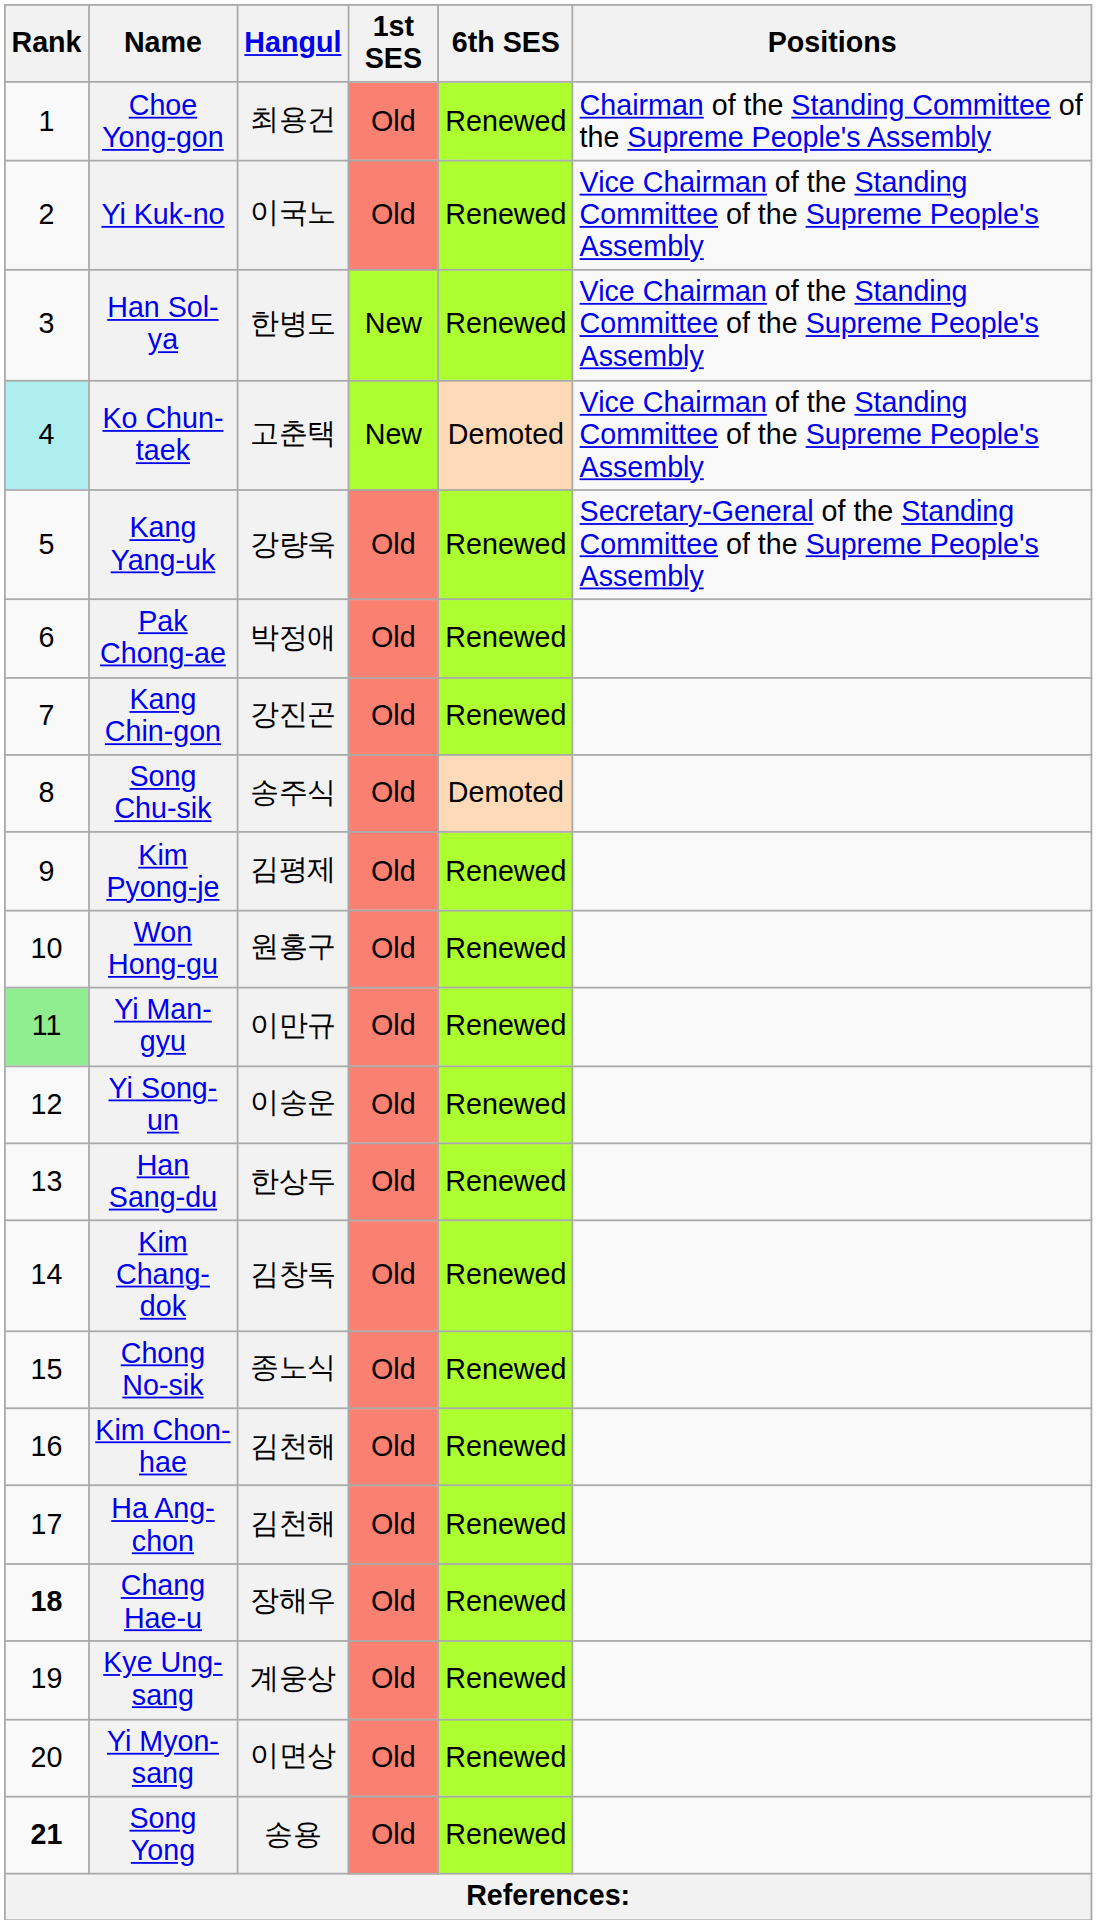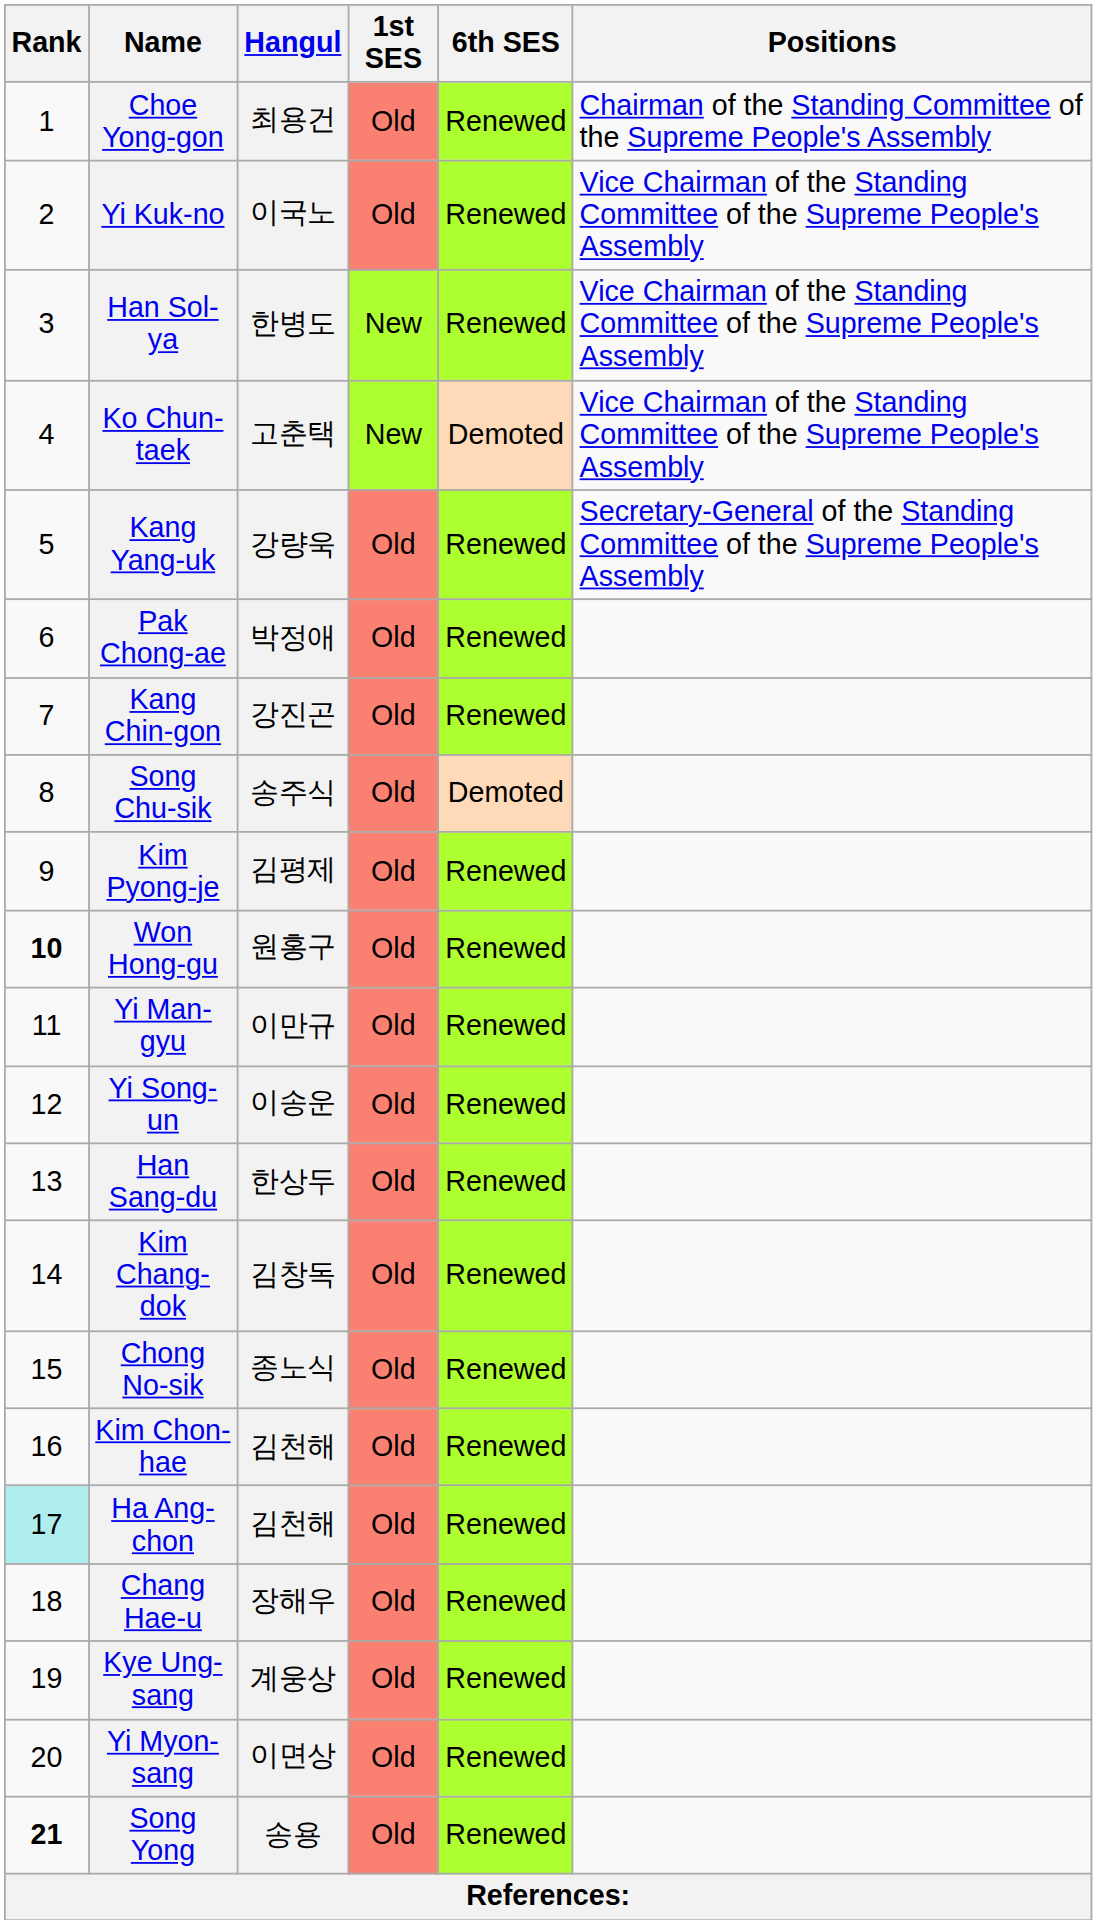 <table class="wikitable sortable">
 <tr>
 <th>Rank</th>
 <th>Name</th>
 <th class="unsortable"><a href='#'>Hangul</a></th>
 <th>1st SES</th>
 <th>6th SES</th>
 <th>Positions</th>
 </tr>
 <tr>
 <td align="center">1</td>
 <th align="center" scope="row" style="font-weight:normal;"><a href='#'>Choe Yong-gon</a></th>
 <th align="center" scope="row" style="font-weight:normal;">최용건</th>
 <td style="background: Salmon" align="center">Old</td>
 <td align="center" style="background: GreenYellow">Renewed</td>
 <td><a href='#'>Chairman</a> of the <a href='#'>Standing Committee</a> of the <a href='#'>Supreme People's Assembly</a></td>
 </tr>
 <tr>
 <td align="center">2</td>
 <th align="center" scope="row" style="font-weight:normal;"><a href='#'>Yi Kuk-no</a></th>
 <th align="center" scope="row" style="font-weight:normal;">이국노</th>
 <td style="background: Salmon" align="center">Old</td>
 <td align="center" style="background: GreenYellow">Renewed</td>
 <td><a href='#'>Vice Chairman</a> of the <a href='#'>Standing Committee</a> of the <a href='#'>Supreme People's Assembly</a></td>
 </tr>
 <tr>
 <td align="center">3</td>
 <th align="center" scope="row" style="font-weight:normal;"><a href='#'>Han Sol-ya</a></th>
 <th align="center" scope="row" style="font-weight:normal;">한병도</th>
 <td align="center" style="background: GreenYellow">New</td>
 <td align="center" style="background: GreenYellow">Renewed</td>
 <td><a href='#'>Vice Chairman</a> of the <a href='#'>Standing Committee</a> of the <a href='#'>Supreme People's Assembly</a></td>
 </tr>
 <tr>
-<td align="center" style="background: paleturquoise;">4</td>
+<td align="center">4</td>
 <th align="center" scope="row" style="font-weight:normal;"><a href='#'>Ko Chun-taek</a></th>
 <th align="center" scope="row" style="font-weight:normal;">고춘택</th>
 <td align="center" style="background: GreenYellow">New</td>
 <td style="background: PeachPuff" align="center">Demoted</td>
 <td><a href='#'>Vice Chairman</a> of the <a href='#'>Standing Committee</a> of the <a href='#'>Supreme People's Assembly</a></td>
 </tr>
 <tr>
 <td align="center">5</td>
 <th align="center" scope="row" style="font-weight:normal;"><a href='#'>Kang Yang-uk</a></th>
 <th align="center" scope="row" style="font-weight:normal;">강량욱</th>
 <td style="background: Salmon" align="center">Old</td>
 <td align="center" style="background: GreenYellow">Renewed</td>
 <td><a href='#'>Secretary-General</a> of the <a href='#'>Standing Committee</a> of the <a href='#'>Supreme People's Assembly</a></td>
 </tr>
 <tr>
 <td align="center">6</td>
 <th align="center" scope="row" style="font-weight:normal;"><a href='#'>Pak Chong-ae</a></th>
 <th align="center" scope="row" style="font-weight:normal;">박정애</th>
 <td style="background: Salmon" align="center">Old</td>
 <td align="center" style="background: GreenYellow">Renewed</td>
 <td></td>
 </tr>
 <tr>
 <td align="center">7</td>
 <th align="center" scope="row" style="font-weight:normal;"><a href='#'>Kang Chin-gon</a></th>
 <th align="center" scope="row" style="font-weight:normal;">강진곤</th>
 <td style="background: Salmon" align="center">Old</td>
 <td align="center" style="background: GreenYellow">Renewed</td>
 <td></td>
 </tr>
 <tr>
 <td align="center">8</td>
 <th align="center" scope="row" style="font-weight:normal;"><a href='#'>Song Chu-sik</a></th>
 <th align="center" scope="row" style="font-weight:normal;">송주식</th>
 <td style="background: Salmon" align="center">Old</td>
 <td style="background: PeachPuff" align="center">Demoted</td>
 <td></td>
 </tr>
 <tr>
 <td align="center">9</td>
 <th align="center" scope="row" style="font-weight:normal;"><a href='#'>Kim Pyong-je</a></th>
 <th align="center" scope="row" style="font-weight:normal;">김평제</th>
 <td style="background: Salmon" align="center">Old</td>
 <td align="center" style="background: GreenYellow">Renewed</td>
 <td></td>
 </tr>
 <tr>
-<td align="center">10</td>
+<td align="center"><strong>10</strong></td>
 <th align="center" scope="row" style="font-weight:normal;"><a href='#'>Won Hong-gu</a></th>
 <th align="center" scope="row" style="font-weight:normal;">원홍구</th>
 <td style="background: Salmon" align="center">Old</td>
 <td align="center" style="background: GreenYellow">Renewed</td>
 <td></td>
 </tr>
 <tr>
-<td align="center" style="background: lightgreen;">11</td>
+<td align="center">11</td>
 <th align="center" scope="row" style="font-weight:normal;"><a href='#'>Yi Man-gyu</a></th>
 <th align="center" scope="row" style="font-weight:normal;">이만규</th>
 <td style="background: Salmon" align="center">Old</td>
 <td align="center" style="background: GreenYellow">Renewed</td>
 <td></td>
 </tr>
 <tr>
 <td align="center">12</td>
 <th align="center" scope="row" style="font-weight:normal;"><a href='#'>Yi Song-un</a></th>
 <th align="center" scope="row" style="font-weight:normal;">이송운</th>
 <td style="background: Salmon" align="center">Old</td>
 <td align="center" style="background: GreenYellow">Renewed</td>
 <td></td>
 </tr>
 <tr>
 <td align="center">13</td>
 <th align="center" scope="row" style="font-weight:normal;"><a href='#'>Han Sang-du</a></th>
 <th align="center" scope="row" style="font-weight:normal;">한상두</th>
 <td style="background: Salmon" align="center">Old</td>
 <td align="center" style="background: GreenYellow">Renewed</td>
 <td></td>
 </tr>
 <tr>
 <td align="center">14</td>
 <th align="center" scope="row" style="font-weight:normal;"><a href='#'>Kim Chang-dok</a></th>
 <th align="center" scope="row" style="font-weight:normal;">김창독</th>
 <td style="background: Salmon" align="center">Old</td>
 <td align="center" style="background: GreenYellow">Renewed</td>
 <td></td>
 </tr>
 <tr>
 <td align="center">15</td>
 <th align="center" scope="row" style="font-weight:normal;"><a href='#'>Chong No-sik</a></th>
 <th align="center" scope="row" style="font-weight:normal;">종노식</th>
 <td style="background: Salmon" align="center">Old</td>
 <td align="center" style="background: GreenYellow">Renewed</td>
 <td></td>
 </tr>
 <tr>
 <td align="center">16</td>
 <th align="center" scope="row" style="font-weight:normal;"><a href='#'>Kim Chon-hae</a></th>
 <th align="center" scope="row" style="font-weight:normal;">김천해</th>
 <td style="background: Salmon" align="center">Old</td>
 <td align="center" style="background: GreenYellow">Renewed</td>
 <td></td>
 </tr>
 <tr>
-<td align="center">17</td>
+<td align="center" style="background: paleturquoise;">17</td>
 <th align="center" scope="row" style="font-weight:normal;"><a href='#'>Ha Ang-chon</a></th>
 <th align="center" scope="row" style="font-weight:normal;">김천해</th>
 <td style="background: Salmon" align="center">Old</td>
 <td align="center" style="background: GreenYellow">Renewed</td>
 <td></td>
 </tr>
 <tr>
-<td align="center"><strong>18</strong></td>
+<td align="center">18</td>
 <th align="center" scope="row" style="font-weight:normal;"><a href='#'>Chang Hae-u</a></th>
 <th align="center" scope="row" style="font-weight:normal;">장해우</th>
 <td style="background: Salmon" align="center">Old</td>
 <td align="center" style="background: GreenYellow">Renewed</td>
 <td></td>
 </tr>
 <tr>
 <td align="center">19</td>
 <th align="center" scope="row" style="font-weight:normal;"><a href='#'>Kye Ung-sang</a></th>
 <th align="center" scope="row" style="font-weight:normal;">계웅상</th>
 <td style="background: Salmon" align="center">Old</td>
 <td align="center" style="background: GreenYellow">Renewed</td>
 <td></td>
 </tr>
 <tr>
 <td align="center">20</td>
 <th align="center" scope="row" style="font-weight:normal;"><a href='#'>Yi Myon-sang</a></th>
 <th align="center" scope="row" style="font-weight:normal;">이면상</th>
 <td style="background: Salmon" align="center">Old</td>
 <td align="center" style="background: GreenYellow">Renewed</td>
 <td></td>
 </tr>
 <tr>
 <td align="center"><strong>21</strong></td>
 <th align="center" scope="row" style="font-weight:normal;"><a href='#'>Song Yong</a></th>
 <th align="center" scope="row" style="font-weight:normal;">송용</th>
 <td style="background: Salmon" align="center">Old</td>
 <td align="center" style="background: GreenYellow">Renewed</td>
 <td></td>
 </tr>
 <tr>
 <th colspan="6" unsortable><strong>References:</strong><br></th>
 </tr>
 </table>
